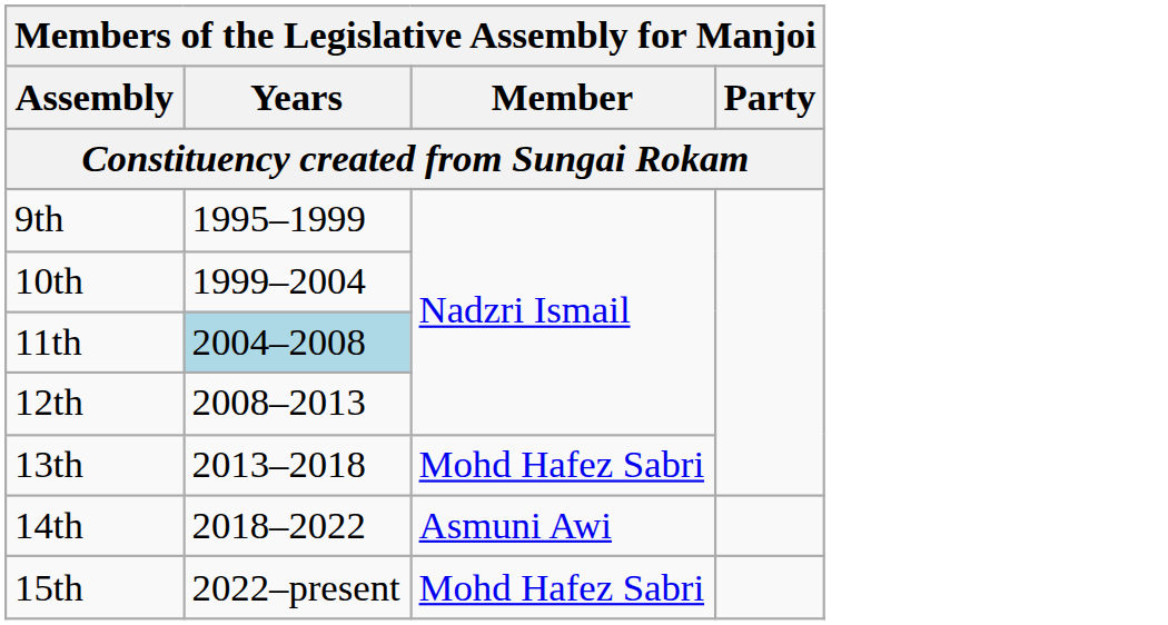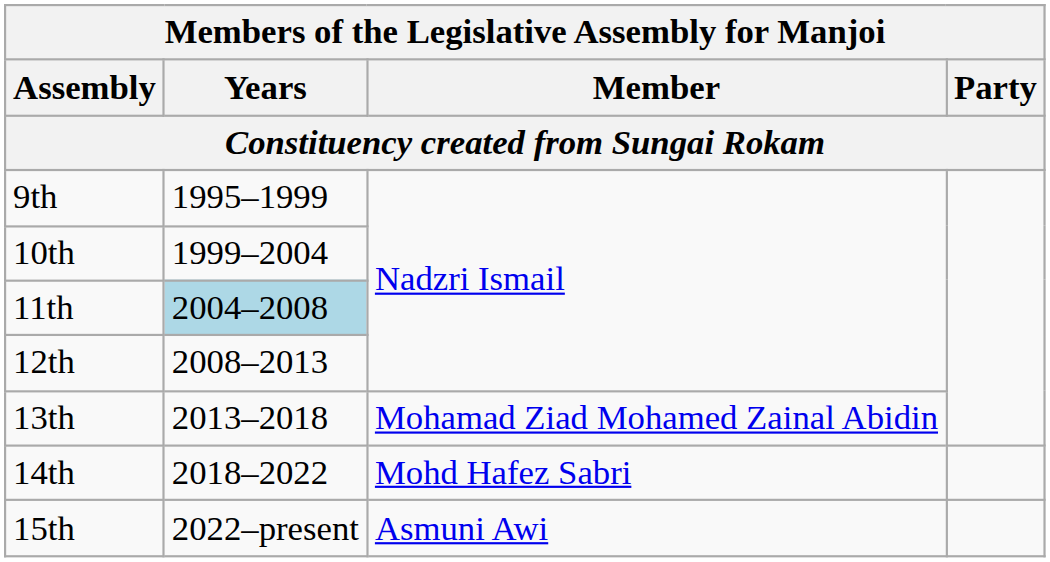 <table class=wikitable>
 <tr>
 <th colspan=4>Members of the Legislative Assembly for Manjoi</th>
 </tr>
 <tr>
 <th>Assembly</th>
 <th>Years</th>
 <th>Member</th>
 <th>Party</th>
 </tr>
 <tr>
 <th colspan=4 align=center><em>Constituency created from Sungai Rokam</em></th>
 </tr>
 <tr>
 <td>9th</td>
 <td>1995–1999</td>
 <td rowspan="4"><a href='#'>Nadzri Ismail</a></td>
 <td rowspan="5"></td>
 </tr>
 <tr>
 <td>10th</td>
 <td>1999–2004</td>
 </tr>
 <tr>
 <td>11th</td>
 <td style="background: lightblue;">2004–2008</td>
 </tr>
 <tr>
 <td>12th</td>
 <td>2008–2013</td>
 </tr>
 <tr>
 <td>13th</td>
 <td>2013–2018</td>
-<td><a href='#'>Mohd Hafez Sabri</a></td>
+<td><a href='#'>Mohamad Ziad Mohamed Zainal Abidin</a></td>
 </tr>
 <tr>
 <td>14th</td>
 <td>2018–2022</td>
-<td><a href='#'>Asmuni Awi</a></td>
+<td><a href='#'>Mohd Hafez Sabri</a></td>
 <td></td>
 </tr>
 <tr>
 <td>15th</td>
 <td>2022–present</td>
-<td><a href='#'>Mohd Hafez Sabri</a></td>
+<td><a href='#'>Asmuni Awi</a></td>
 <td></td>
 </tr>
 </table>
